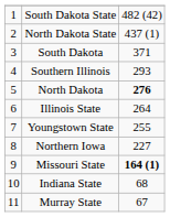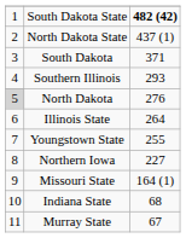 <table class="wikitable" style="display: inline-table;">
 <tr align="center">
 </tr>
 <tr align="center">
 <td>1</td>
 <td>South Dakota State</td>
-<td>482 (42)</td>
+<td><strong>482 (42)</strong></td>
 </tr>
 <tr align="center">
 <td>2</td>
 <td>North Dakota State</td>
 <td>437 (1)</td>
 </tr>
 <tr align="center">
 <td>3</td>
 <td>South Dakota</td>
 <td>371</td>
 </tr>
 <tr align="center">
 <td>4</td>
 <td>Southern Illinois</td>
 <td>293</td>
 </tr>
 <tr align="center">
-<td>5</td>
+<td style="background: lightgrey;">5</td>
 <td>North Dakota</td>
-<td><strong>276</strong></td>
+<td>276</td>
 </tr>
 <tr align="center">
 <td>6</td>
 <td>Illinois State</td>
 <td>264</td>
 </tr>
 <tr align="center">
 <td>7</td>
 <td>Youngstown State</td>
 <td>255</td>
 </tr>
 <tr align="center">
 <td>8</td>
 <td>Northern Iowa</td>
 <td>227</td>
 </tr>
 <tr align="center">
 <td>9</td>
 <td>Missouri State</td>
-<td><strong>164 (1)</strong></td>
+<td>164 (1)</td>
 </tr>
 <tr align="center">
 <td>10</td>
 <td>Indiana State</td>
 <td>68</td>
 </tr>
 <tr align="center">
 <td>11</td>
 <td>Murray State</td>
 <td>67</td>
 </tr>
 </table>
